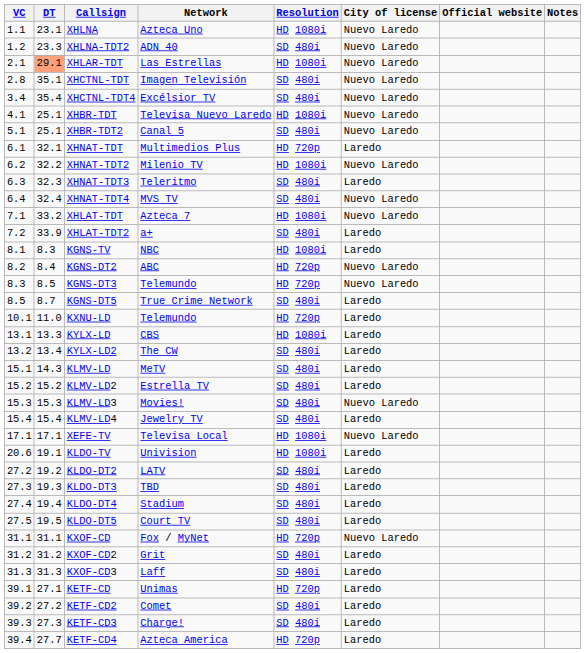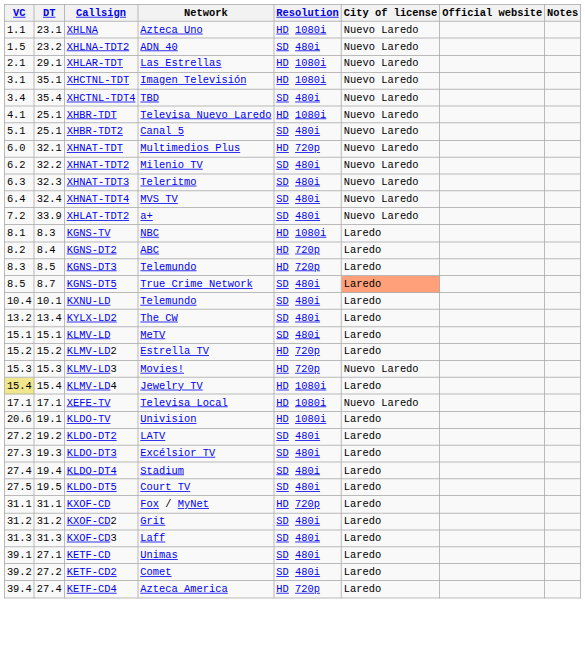 <table class="sortable wikitable">
 <tr>
 <th><a href='#'>VC</a></th>
 <th><a href='#'>DT</a></th>
 <th><a href='#'>Callsign</a></th>
 <th>Network</th>
 <th><a href='#'>Resolution</a></th>
 <th>City of license</th>
 <th>Official website</th>
 <th>Notes</th>
 </tr>
 <tr style="vertical-align: top; text-align: left;"|>
 <td>1.1</td>
 <td>23.1</td>
 <td><a href='#'>XHLNA</a></td>
 <td><a href='#'>Azteca Uno</a></td>
 <td><a href='#'>HD</a> <a href='#'>1080i</a></td>
 <td>Nuevo Laredo</td>
 <td></td>
 <td></td>
 </tr>
 <tr style="vertical-align: top; text-align: left;"|>
-<td>1.2</td>
-<td>23.3</td>
+<td>1.5</td>
+<td>23.2</td>
 <td><a href='#'>XHLNA-TDT2</a></td>
 <td><a href='#'>ADN 40</a></td>
 <td><a href='#'>SD</a> <a href='#'>480i</a></td>
 <td>Nuevo Laredo</td>
 <td></td>
 <td></td>
 </tr>
 <tr style="vertical-align: top; text-align: left;"|>
 <td>2.1</td>
-<td style="background: lightsalmon;">29.1</td>
+<td>29.1</td>
 <td><a href='#'>XHLAR-TDT</a></td>
 <td><a href='#'>Las Estrellas</a></td>
 <td><a href='#'>HD</a> <a href='#'>1080i</a></td>
 <td>Nuevo Laredo</td>
 <td></td>
 <td></td>
 </tr>
 <tr style="vertical-align: top; text-align: left;">
-<td>2.8</td>
+<td>3.1</td>
 <td>35.1</td>
 <td><a href='#'>XHCTNL-TDT</a></td>
 <td><a href='#'>Imagen Televisión</a></td>
-<td><a href='#'>SD</a> <a href='#'>480i</a></td>
+<td><a href='#'>HD</a> <a href='#'>1080i</a></td>
 <td>Nuevo Laredo</td>
 <td></td>
 <td></td>
 </tr>
 <tr style="vertical-align: top; text-align: left">
 <td>3.4</td>
 <td>35.4</td>
 <td><a href='#'>XHCTNL-TDT4</a></td>
-<td><a href='#'>Excélsior TV</a></td>
+<td><a href='#'>TBD</a></td>
 <td><a href='#'>SD</a> <a href='#'>480i</a></td>
 <td>Nuevo Laredo</td>
 <td></td>
 <td></td>
 </tr>
 <tr style="vertical-align: top; text-align: left;">
 <td>4.1</td>
 <td>25.1</td>
 <td><a href='#'>XHBR-TDT</a></td>
 <td><a href='#'>Televisa Nuevo Laredo</a></td>
 <td><a href='#'>HD</a> <a href='#'>1080i</a></td>
 <td>Nuevo Laredo</td>
 <td></td>
 <td></td>
 </tr>
 <tr style="vertical-align: top; text-align: left;">
 <td>5.1</td>
 <td>25.1</td>
 <td><a href='#'>XHBR-TDT2</a></td>
 <td><a href='#'>Canal 5</a></td>
 <td><a href='#'>SD</a> <a href='#'>480i</a></td>
 <td>Nuevo Laredo</td>
 <td></td>
 <td></td>
 </tr>
 <tr style="vertical-align: top; text-align: left;">
-<td>6.1</td>
+<td>6.0</td>
 <td>32.1</td>
 <td><a href='#'>XHNAT-TDT</a></td>
 <td><a href='#'>Multimedios Plus</a></td>
 <td><a href='#'>HD</a> <a href='#'>720p</a></td>
-<td>Laredo</td>
+<td>Nuevo Laredo</td>
 <td></td>
 <td></td>
 </tr>
 <tr style="vertical-align: top; text-align: left;"|>
 <td>6.2</td>
 <td>32.2</td>
 <td><a href='#'>XHNAT-TDT2</a></td>
 <td><a href='#'>Milenio TV</a></td>
-<td><a href='#'>HD</a> <a href='#'>1080i</a></td>
+<td><a href='#'>SD</a> <a href='#'>480i</a></td>
 <td>Nuevo Laredo</td>
 <td></td>
 <td></td>
 </tr>
 <tr style="vertical-align: top; text-align: left;"|>
 <td>6.3</td>
 <td>32.3</td>
 <td><a href='#'>XHNAT-TDT3</a></td>
 <td><a href='#'>Teleritmo</a></td>
 <td><a href='#'>SD</a> <a href='#'>480i</a></td>
-<td>Laredo</td>
+<td>Nuevo Laredo</td>
 <td></td>
 <td></td>
 </tr>
 <tr style="vertical-align: top; text-align: left;"|>
 <td>6.4</td>
 <td>32.4</td>
 <td><a href='#'>XHNAT-TDT4</a></td>
 <td><a href='#'>MVS TV</a></td>
 <td><a href='#'>SD</a> <a href='#'>480i</a></td>
 <td>Nuevo Laredo</td>
 <td></td>
 <td></td>
 </tr>
 <tr style="vertical-align: top; text-align: left;"|>
-<td>7.1</td>
-<td>33.2</td>
-<td><a href='#'>XHLAT-TDT</a></td>
-<td><a href='#'>Azteca 7</a></td>
-<td><a href='#'>HD</a> <a href='#'>1080i</a></td>
-<td>Nuevo Laredo</td>
-<td></td>
-<td></td>
-</tr>
-<tr style="vertical-align: top; text-align: left;"|>
 <td>7.2</td>
 <td>33.9</td>
 <td><a href='#'>XHLAT-TDT2</a></td>
 <td><a href='#'>a+</a></td>
 <td><a href='#'>SD</a> <a href='#'>480i</a></td>
-<td>Laredo</td>
+<td>Nuevo Laredo</td>
 <td></td>
 <td></td>
 </tr>
 <tr style="vertical-align: top; text-align: left;">
 <td>8.1</td>
 <td>8.3</td>
 <td><a href='#'>KGNS-TV</a></td>
 <td><a href='#'>NBC</a></td>
 <td><a href='#'>HD</a> <a href='#'>1080i</a></td>
 <td>Laredo</td>
 <td></td>
 <td></td>
 </tr>
 <tr style="vertical-align: top; text-align: left;">
 <td>8.2</td>
 <td>8.4</td>
 <td><a href='#'>KGNS-DT2</a></td>
 <td><a href='#'>ABC</a></td>
 <td><a href='#'>HD</a> <a href='#'>720p</a></td>
-<td>Nuevo Laredo</td>
+<td>Laredo</td>
 <td></td>
 <td></td>
 </tr>
 <tr style="vertical-align: top; text-align: left;">
 <td>8.3</td>
 <td>8.5</td>
 <td><a href='#'>KGNS-DT3</a></td>
 <td><a href='#'>Telemundo</a></td>
 <td><a href='#'>HD</a> <a href='#'>720p</a></td>
-<td>Nuevo Laredo</td>
+<td>Laredo</td>
 <td></td>
 <td></td>
 </tr>
 <tr style="vertical-align: top; text-align: left;">
 <td>8.5</td>
 <td>8.7</td>
 <td><a href='#'>KGNS-DT5</a></td>
 <td><a href='#'>True Crime Network</a></td>
 <td><a href='#'>SD</a> <a href='#'>480i</a></td>
-<td>Laredo</td>
+<td style="background: lightsalmon;">Laredo</td>
 <td></td>
 <td></td>
 </tr>
 <tr style="vertical-align: top; text-align: left;">
+<td>10.4</td>
 <td>10.1</td>
-<td>11.0</td>
 <td><a href='#'>KXNU-LD</a></td>
 <td><a href='#'>Telemundo</a></td>
-<td><a href='#'>HD</a> <a href='#'>720p</a></td>
-<td>Laredo</td>
-<td></td>
-<td></td>
-</tr>
-<tr style="vertical-align: top; text-align: left;"|>
-<td>13.1</td>
-<td>13.3</td>
-<td><a href='#'>KYLX-LD</a></td>
-<td><a href='#'>CBS</a></td>
-<td><a href='#'>HD</a> <a href='#'>1080i</a></td>
+<td><a href='#'>SD</a> <a href='#'>480i</a></td>
 <td>Laredo</td>
 <td></td>
 <td></td>
 </tr>
 <tr style="vertical-align: top; text-align: left;"|>
 <td>13.2</td>
 <td>13.4</td>
 <td><a href='#'>KYLX-LD2</a></td>
 <td><a href='#'>The CW</a></td>
 <td><a href='#'>SD</a> <a href='#'>480i</a></td>
 <td>Laredo</td>
 <td></td>
 <td></td>
 </tr>
 <tr style="vertical-align: top; text-align: left;">
 <td>15.1</td>
-<td>14.3</td>
+<td>15.1</td>
 <td><a href='#'>KLMV-LD</a></td>
 <td><a href='#'>MeTV</a></td>
 <td><a href='#'>SD</a> <a href='#'>480i</a></td>
 <td>Laredo</td>
 <td></td>
 <td></td>
 </tr>
 <tr style="vertical-align: top; text-align: left;">
 <td>15.2</td>
 <td>15.2</td>
 <td><a href='#'>KLMV-LD</a>2</td>
 <td><a href='#'>Estrella TV</a></td>
-<td><a href='#'>SD</a> <a href='#'>480i</a></td>
+<td><a href='#'>HD</a> <a href='#'>720p</a></td>
 <td>Laredo</td>
 <td></td>
 <td></td>
 </tr>
 <tr style="vertical-align: top; text-align: left;">
 <td>15.3</td>
 <td>15.3</td>
 <td><a href='#'>KLMV-LD</a>3</td>
 <td><a href='#'>Movies!</a></td>
-<td><a href='#'>SD</a> <a href='#'>480i</a></td>
+<td><a href='#'>HD</a> <a href='#'>720p</a></td>
 <td>Nuevo Laredo</td>
 <td></td>
 <td></td>
 </tr>
 <tr style="vertical-align: top; text-align: left;">
-<td>15.4</td>
+<td style="background: khaki;">15.4</td>
 <td>15.4</td>
 <td><a href='#'>KLMV-LD</a>4</td>
 <td><a href='#'>Jewelry TV</a></td>
-<td><a href='#'>SD</a> <a href='#'>480i</a></td>
+<td><a href='#'>HD</a> <a href='#'>1080i</a></td>
 <td>Laredo</td>
 <td></td>
 <td></td>
 </tr>
 <tr style="vertical-align: top; text-align: left;">
 <td>17.1</td>
 <td>17.1</td>
 <td><a href='#'>XEFE-TV</a></td>
 <td><a href='#'>Televisa Local</a></td>
 <td><a href='#'>HD</a> <a href='#'>1080i</a></td>
 <td>Nuevo Laredo</td>
 <td></td>
 <td></td>
 </tr>
 <tr style="vertical-align: top; text-align: left;"|>
 <td>20.6</td>
 <td>19.1</td>
 <td><a href='#'>KLDO-TV</a></td>
 <td><a href='#'>Univision</a></td>
 <td><a href='#'>HD</a> <a href='#'>1080i</a></td>
 <td>Laredo</td>
 <td></td>
 <td></td>
 </tr>
 <tr style="vertical-align: top; text-align: left;"|>
 <td>27.2</td>
 <td>19.2</td>
 <td><a href='#'>KLDO-DT2</a></td>
 <td><a href='#'>LATV</a></td>
 <td><a href='#'>SD</a> <a href='#'>480i</a></td>
 <td>Laredo</td>
 <td></td>
 <td></td>
 </tr>
 <tr style="vertical-align: top; text-align: left;"|>
 <td>27.3</td>
 <td>19.3</td>
 <td><a href='#'>KLDO-DT3</a></td>
-<td><a href='#'>TBD</a></td>
+<td><a href='#'>Excélsior TV</a></td>
 <td><a href='#'>SD</a> <a href='#'>480i</a></td>
 <td>Laredo</td>
 <td></td>
 <td></td>
 </tr>
 <tr style="vertical-align: top; text-align: left;"|>
 <td>27.4</td>
 <td>19.4</td>
 <td><a href='#'>KLDO-DT4</a></td>
 <td><a href='#'>Stadium</a></td>
 <td><a href='#'>SD</a> <a href='#'>480i</a></td>
 <td>Laredo</td>
 <td></td>
 <td></td>
 </tr>
 <tr style="vertical-align: top; text-align: left;"|>
 <td>27.5</td>
 <td>19.5</td>
 <td><a href='#'>KLDO-DT5</a></td>
 <td><a href='#'>Court TV</a></td>
 <td><a href='#'>SD</a> <a href='#'>480i</a></td>
 <td>Laredo</td>
 <td></td>
 <td></td>
 </tr>
 <tr style="vertical-align: top; text-align: left;"|>
 <td>31.1</td>
 <td>31.1</td>
 <td><a href='#'>KXOF-CD</a></td>
 <td><a href='#'>Fox</a> / <a href='#'>MyNet</a></td>
 <td><a href='#'>HD</a> <a href='#'>720p</a></td>
-<td>Nuevo Laredo</td>
+<td>Laredo</td>
 <td></td>
 <td></td>
 </tr>
 <tr style="vertical-align: top; text-align: left;"|>
 <td>31.2</td>
 <td>31.2</td>
 <td><a href='#'>KXOF-CD</a>2</td>
 <td><a href='#'>Grit</a></td>
 <td><a href='#'>SD</a> <a href='#'>480i</a></td>
 <td>Laredo</td>
 <td></td>
 <td></td>
 </tr>
 <tr style="vertical-align: top; text-align: left;"|>
 <td>31.3</td>
 <td>31.3</td>
 <td><a href='#'>KXOF-CD</a>3</td>
 <td><a href='#'>Laff</a></td>
 <td><a href='#'>SD</a> <a href='#'>480i</a></td>
 <td>Laredo</td>
 <td></td>
 <td></td>
 </tr>
 <tr style="vertical-align: top; text-align: left;"|>
 <td>39.1</td>
 <td>27.1</td>
 <td><a href='#'>KETF-CD</a></td>
 <td><a href='#'>Unimas</a></td>
-<td><a href='#'>HD</a> <a href='#'>720p</a></td>
+<td><a href='#'>SD</a> <a href='#'>480i</a></td>
 <td>Laredo</td>
 <td></td>
 <td></td>
 </tr>
 <tr style="vertical-align: top; text-align: left;">
 <td>39.2</td>
 <td>27.2</td>
 <td><a href='#'>KETF-CD2</a></td>
 <td><a href='#'>Comet</a></td>
 <td><a href='#'>SD</a> <a href='#'>480i</a></td>
 <td>Laredo</td>
 <td></td>
 <td></td>
 </tr>
-<tr style="vertical-align: top; text-align: left;">
-<td>39.3</td>
-<td>27.3</td>
-<td><a href='#'>KETF-CD3</a></td>
-<td><a href='#'>Charge!</a></td>
-<td><a href='#'>SD</a> <a href='#'>480i</a></td>
-<td>Laredo</td>
-<td></td>
-<td></td>
-</tr>
 <tr style="vertical-align: top; text-align: left;"|>
 <td>39.4</td>
-<td>27.7</td>
+<td>27.4</td>
 <td><a href='#'>KETF-CD4</a></td>
 <td><a href='#'>Azteca America</a></td>
 <td><a href='#'>HD</a> <a href='#'>720p</a></td>
 <td>Laredo</td>
 <td></td>
 <td></td>
 </tr>
 </table>
